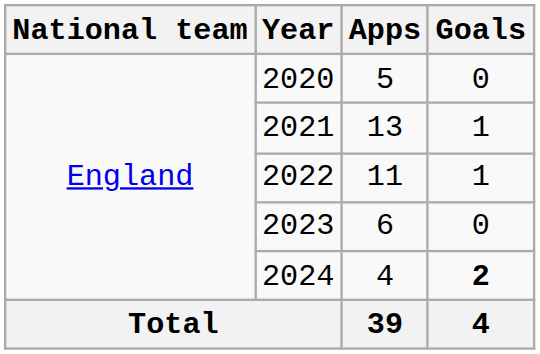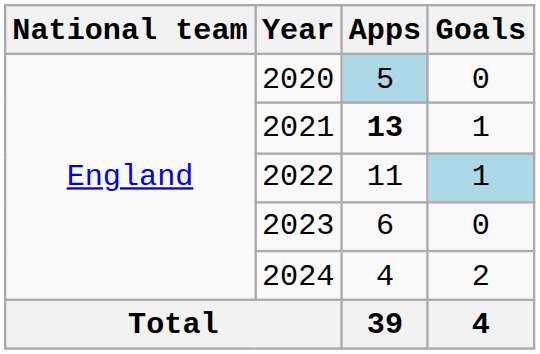 <table class="wikitable" style="text-align: center;">
 <tr>
 <th>National team</th>
 <th>Year</th>
 <th>Apps</th>
 <th>Goals</th>
 </tr>
 <tr>
 <td rowspan="5"><a href='#'>England</a></td>
 <td>2020</td>
-<td>5</td>
+<td style="background: lightblue;">5</td>
 <td>0</td>
 </tr>
 <tr>
 <td>2021</td>
-<td>13</td>
+<td><strong>13</strong></td>
 <td>1</td>
 </tr>
 <tr>
 <td>2022</td>
 <td>11</td>
-<td>1</td>
+<td style="background: lightblue;">1</td>
 </tr>
 <tr>
 <td>2023</td>
 <td>6</td>
 <td>0</td>
 </tr>
 <tr>
 <td>2024</td>
 <td>4</td>
-<td><strong>2</strong></td>
+<td>2</td>
 </tr>
 <tr>
 <th colspan="2">Total</th>
 <th>39</th>
 <th>4</th>
 </tr>
 </table>
